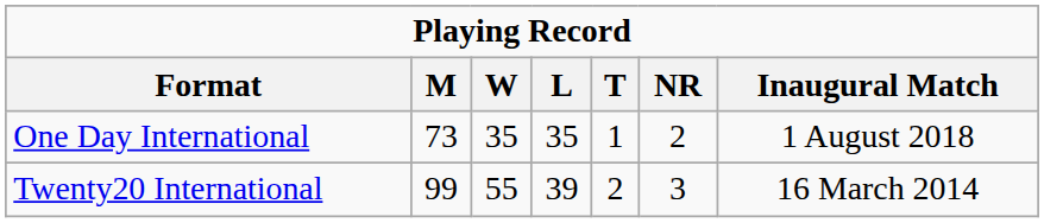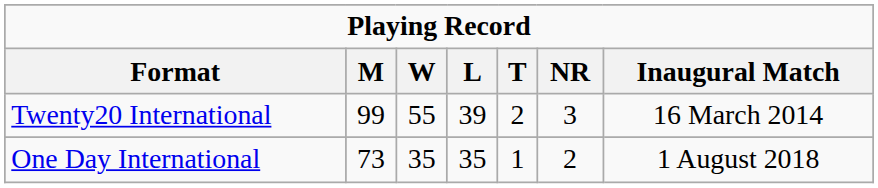 <table class="wikitable" style="text-align: center; width: 500px;">
 <tr>
 <td colspan="7" align="center"><strong>Playing Record</strong></td>
 </tr>
 <tr>
 <th>Format</th>
 <th>M</th>
 <th>W</th>
 <th>L</th>
 <th>T</th>
 <th>NR</th>
 <th>Inaugural Match</th>
 </tr>
 <tr>
+<td align="left"><a href='#'>Twenty20 International</a></td>
+<td>99</td>
+<td>55</td>
+<td>39</td>
+<td>2</td>
+<td>3</td>
+<td>16 March 2014</td>
+</tr>
+<tr>
 <td align="left"><a href='#'>One Day International</a></td>
 <td>73</td>
 <td>35</td>
 <td>35</td>
 <td>1</td>
 <td>2</td>
 <td>1 August 2018</td>
 </tr>
-<tr>
-<td align="left"><a href='#'>Twenty20 International</a></td>
-<td>99</td>
-<td>55</td>
-<td>39</td>
-<td>2</td>
-<td>3</td>
-<td>16 March 2014</td>
-</tr>
 </table>
